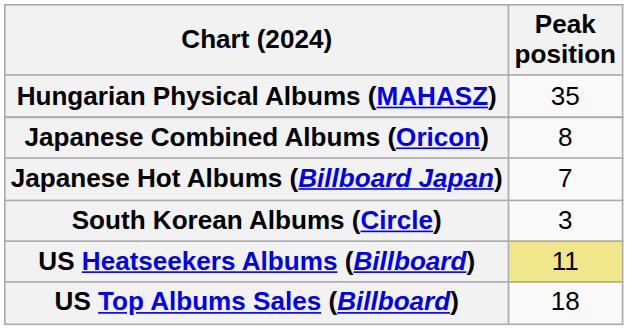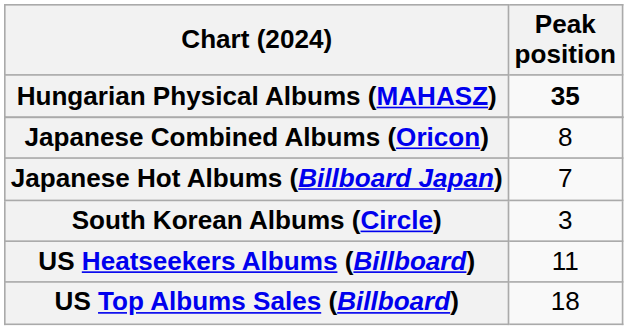 <table class="wikitable sortable plainrowheaders" style="text-align:center;">
 <tr>
 <th scope="col">Chart (2024)</th>
 <th scope="col">Peak<br>position</th>
 </tr>
 <tr>
 <th scope="row">Hungarian Physical Albums (<a href='#'>MAHASZ</a>)</th>
-<td>35</td>
+<td><strong>35</strong></td>
 </tr>
 <tr>
 </tr>
 <tr>
 <th scope="row">Japanese Combined Albums (<a href='#'>Oricon</a>)</th>
 <td>8</td>
 </tr>
 <tr>
 <th scope="row">Japanese Hot Albums (<em><a href='#'>Billboard Japan</a></em>)</th>
 <td>7</td>
 </tr>
 <tr>
 <th scope="row">South Korean Albums (<a href='#'>Circle</a>)</th>
 <td>3</td>
 </tr>
 <tr>
 <th scope="row">US <a href='#'>Heatseekers Albums</a> (<em><a href='#'>Billboard</a></em>)</th>
-<td style="background: khaki;">11</td>
+<td>11</td>
 </tr>
 <tr>
 <th scope="row">US <a href='#'>Top Albums Sales</a> (<em><a href='#'>Billboard</a></em>)</th>
 <td>18</td>
 </tr>
 </table>
